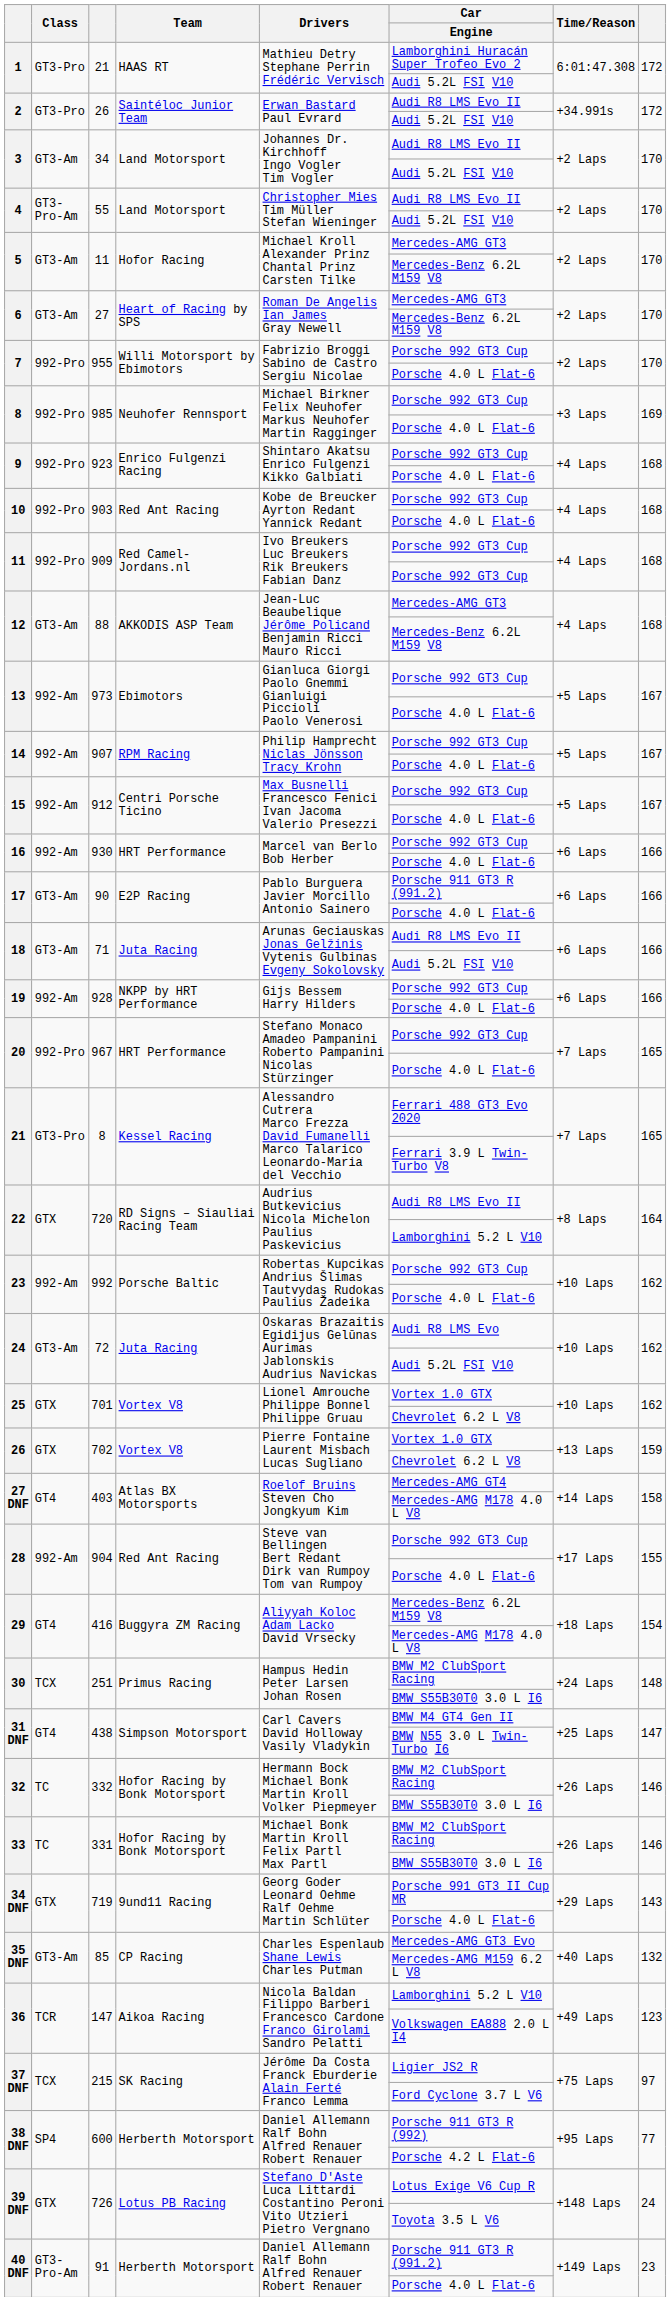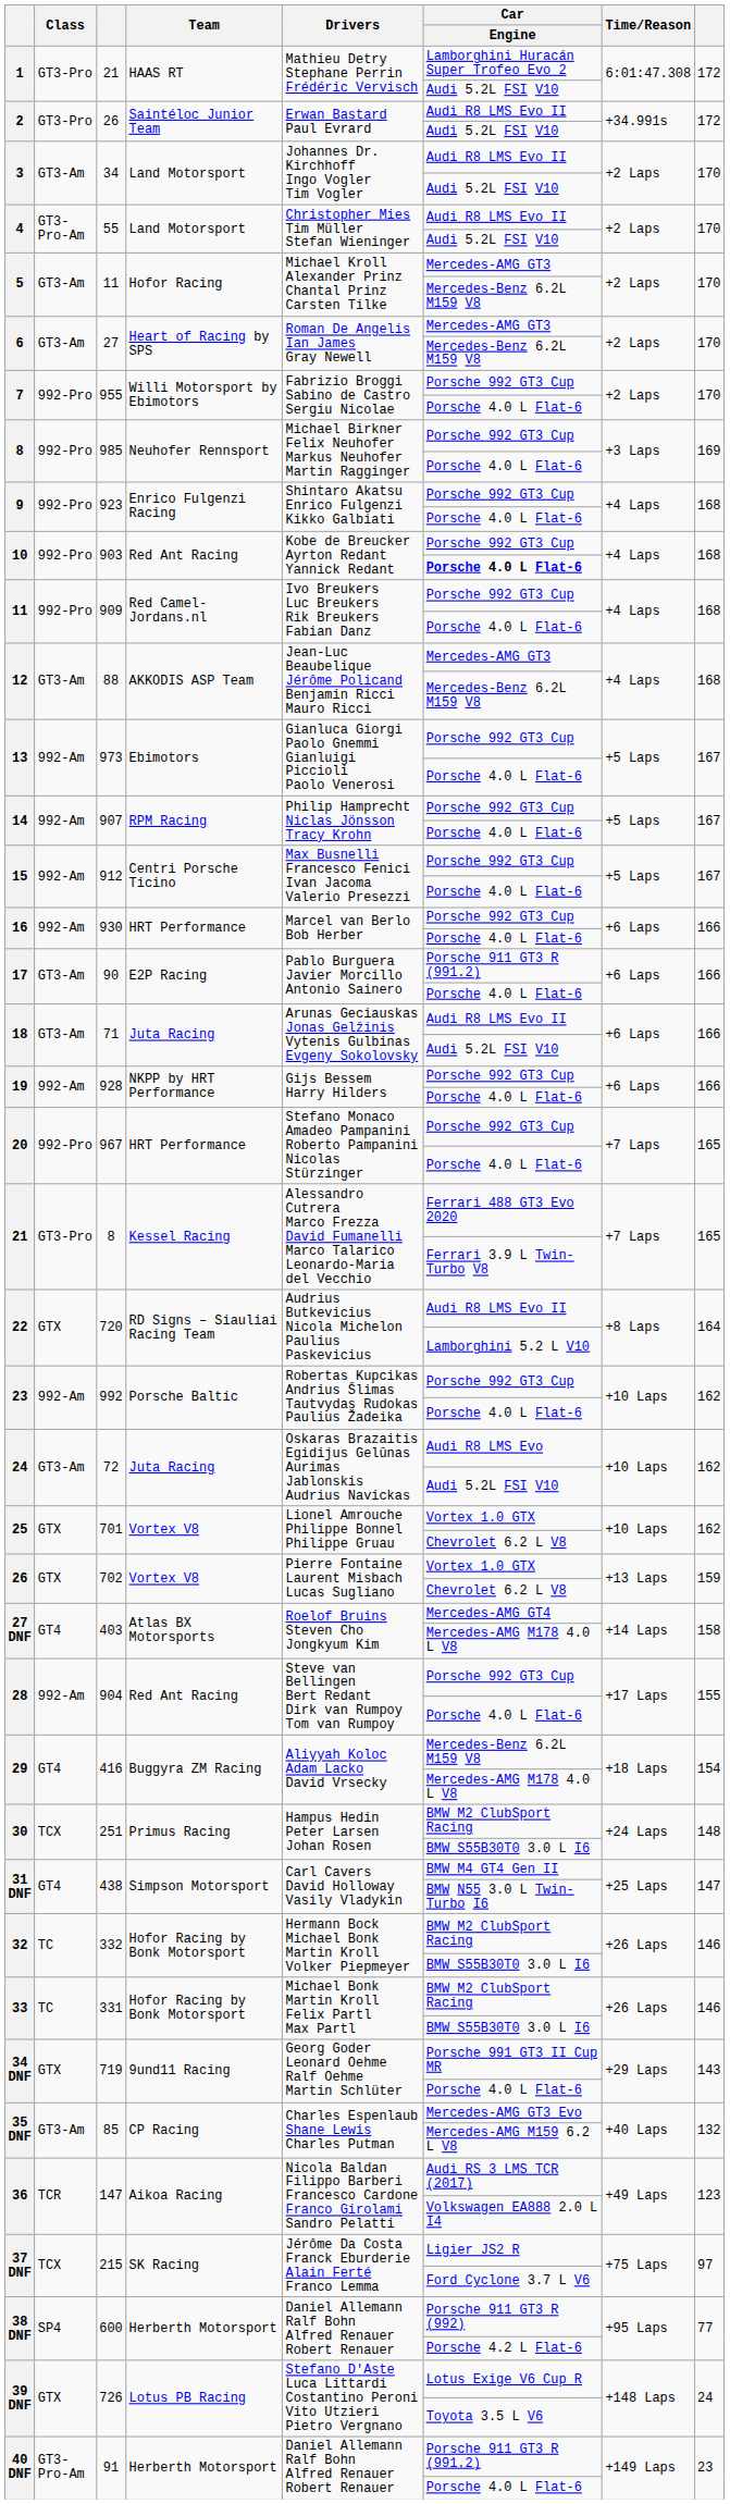 <table class="wikitable" style="font-size: 85%;">
 <tr>
 <th rowspan=2></th>
 <th rowspan=2>Class</th>
 <th rowspan=2></th>
 <th rowspan=2>Team</th>
 <th rowspan=2>Drivers</th>
 <th>Car</th>
 <th rowspan=2>Time/Reason</th>
 <th rowspan=2></th>
 </tr>
 <tr>
 <th>Engine</th>
 </tr>
 <tr>
 <th rowspan="2">1</th>
 <td rowspan="2">GT3-Pro</td>
 <td rowspan="2" align="center">21</td>
 <td rowspan="2"> HAAS RT</td>
 <td rowspan="2"> Mathieu Detry<br> Stephane Perrin<br> <a href='#'>Frédéric Vervisch</a></td>
 <td><a href='#'>Lamborghini Huracán Super Trofeo Evo 2</a></td>
 <td rowspan="2">6:01:47.308</td>
 <td rowspan="2">172</td>
 </tr>
 <tr>
 <td><a href='#'>Audi</a> 5.2L <a href='#'>FSI</a> <a href='#'>V10</a></td>
 </tr>
 <tr>
 <th rowspan="2">2</th>
 <td rowspan="2">GT3-Pro</td>
 <td rowspan="2" align="center">26</td>
 <td rowspan="2"> <a href='#'>Saintéloc Junior Team</a></td>
 <td rowspan="2"> <a href='#'>Erwan Bastard</a><br> Paul Evrard</td>
 <td><a href='#'>Audi R8 LMS Evo II</a></td>
 <td rowspan="2">+34.991s</td>
 <td rowspan="2">172</td>
 </tr>
 <tr>
 <td><a href='#'>Audi</a> 5.2L <a href='#'>FSI</a> <a href='#'>V10</a></td>
 </tr>
 <tr>
 <th rowspan="2">3</th>
 <td rowspan="2">GT3-Am</td>
 <td rowspan="2" align="center">34</td>
 <td rowspan="2"> Land Motorsport</td>
 <td rowspan="2"> Johannes Dr. Kirchhoff<br> Ingo Vogler<br> Tim Vogler</td>
 <td><a href='#'>Audi R8 LMS Evo II</a></td>
 <td rowspan="2">+2 Laps</td>
 <td rowspan="2">170</td>
 </tr>
 <tr>
 <td><a href='#'>Audi</a> 5.2L <a href='#'>FSI</a> <a href='#'>V10</a></td>
 </tr>
 <tr>
 <th rowspan="2">4</th>
 <td rowspan="2">GT3-Pro-Am</td>
 <td rowspan="2" align="center">55</td>
 <td rowspan="2"> Land Motorsport</td>
 <td rowspan="2"> <a href='#'>Christopher Mies</a><br> Tim Müller<br> Stefan Wieninger</td>
 <td><a href='#'>Audi R8 LMS Evo II</a></td>
 <td rowspan="2">+2 Laps</td>
 <td rowspan="2">170</td>
 </tr>
 <tr>
 <td><a href='#'>Audi</a> 5.2L <a href='#'>FSI</a> <a href='#'>V10</a></td>
 </tr>
 <tr>
 <th rowspan="2">5</th>
 <td rowspan="2">GT3-Am</td>
 <td rowspan="2" align="center">11</td>
 <td rowspan="2"> Hofor Racing</td>
 <td rowspan="2"> Michael Kroll<br> Alexander Prinz<br> Chantal Prinz<br> Carsten Tilke</td>
 <td><a href='#'>Mercedes-AMG GT3</a></td>
 <td rowspan="2">+2 Laps</td>
 <td rowspan="2">170</td>
 </tr>
 <tr>
 <td><a href='#'>Mercedes-Benz</a> 6.2L <a href='#'>M159</a> <a href='#'>V8</a></td>
 </tr>
 <tr>
 <th rowspan="2">6</th>
 <td rowspan="2">GT3-Am</td>
 <td rowspan="2" align="center">27</td>
 <td rowspan="2"> <a href='#'>Heart of Racing</a> by SPS</td>
 <td rowspan="2"> <a href='#'>Roman De Angelis</a><br> <a href='#'>Ian James</a><br> Gray Newell</td>
 <td><a href='#'>Mercedes-AMG GT3</a></td>
 <td rowspan="2">+2 Laps</td>
 <td rowspan="2">170</td>
 </tr>
 <tr>
 <td><a href='#'>Mercedes-Benz</a> 6.2L <a href='#'>M159</a> <a href='#'>V8</a></td>
 </tr>
 <tr>
 <th rowspan="2">7</th>
 <td rowspan="2">992-Pro</td>
 <td rowspan="2" align="center">955</td>
 <td rowspan="2"> Willi Motorsport by Ebimotors</td>
 <td rowspan="2"> Fabrizio Broggi<br> Sabino de Castro<br> Sergiu Nicolae</td>
 <td><a href='#'>Porsche 992 GT3 Cup</a></td>
 <td rowspan="2">+2 Laps</td>
 <td rowspan="2">170</td>
 </tr>
 <tr>
 <td><a href='#'>Porsche</a> 4.0 L <a href='#'>Flat-6</a></td>
 </tr>
 <tr>
 <th rowspan="2">8</th>
 <td rowspan="2">992-Pro</td>
 <td rowspan="2" align="center">985</td>
 <td rowspan="2"> Neuhofer Rennsport</td>
 <td rowspan="2"> Michael Birkner<br> Felix Neuhofer<br> Markus Neuhofer<br> Martin Ragginger</td>
 <td><a href='#'>Porsche 992 GT3 Cup</a></td>
 <td rowspan="2">+3 Laps</td>
 <td rowspan="2">169</td>
 </tr>
 <tr>
 <td><a href='#'>Porsche</a> 4.0 L <a href='#'>Flat-6</a></td>
 </tr>
 <tr>
 <th rowspan="2">9</th>
 <td rowspan="2">992-Pro</td>
 <td rowspan="2" align="center">923</td>
 <td rowspan="2"> Enrico Fulgenzi Racing</td>
 <td rowspan="2"> Shintaro Akatsu<br> Enrico Fulgenzi<br> Kikko Galbiati</td>
 <td><a href='#'>Porsche 992 GT3 Cup</a></td>
 <td rowspan="2">+4 Laps</td>
 <td rowspan="2">168</td>
 </tr>
 <tr>
 <td><a href='#'>Porsche</a> 4.0 L <a href='#'>Flat-6</a></td>
 </tr>
 <tr>
 <th rowspan="2">10</th>
 <td rowspan="2">992-Pro</td>
 <td rowspan="2" align="center">903</td>
 <td rowspan="2"> Red Ant Racing</td>
 <td rowspan="2"> Kobe de Breucker<br> Ayrton Redant<br> Yannick Redant</td>
 <td><a href='#'>Porsche 992 GT3 Cup</a></td>
 <td rowspan="2">+4 Laps</td>
 <td rowspan="2">168</td>
 </tr>
 <tr>
-<td><a href='#'>Porsche</a> 4.0 L <a href='#'>Flat-6</a></td>
+<td><strong><a href='#'>Porsche</a> 4.0 L <a href='#'>Flat-6</a></strong></td>
 </tr>
 <tr>
 <th rowspan="2">11</th>
 <td rowspan="2">992-Pro</td>
 <td rowspan="2" align="center">909</td>
 <td rowspan="2"> Red Camel-Jordans.nl</td>
 <td rowspan="2"> Ivo Breukers<br> Luc Breukers<br> Rik Breukers<br> Fabian Danz</td>
 <td><a href='#'>Porsche 992 GT3 Cup</a></td>
 <td rowspan="2">+4 Laps</td>
 <td rowspan="2">168</td>
 </tr>
 <tr>
-<td><a href='#'>Porsche 992 GT3 Cup</a></td>
+<td><a href='#'>Porsche</a> 4.0 L <a href='#'>Flat-6</a></td>
 </tr>
 <tr>
 <th rowspan="2">12</th>
 <td rowspan="2">GT3-Am</td>
 <td rowspan="2" align="center">88</td>
 <td rowspan="2"> AKKODIS ASP Team</td>
 <td rowspan="2"> Jean-Luc Beaubelique<br> <a href='#'>Jérôme Policand</a><br> Benjamin Ricci<br> Mauro Ricci</td>
 <td><a href='#'>Mercedes-AMG GT3</a></td>
 <td rowspan="2">+4 Laps</td>
 <td rowspan="2">168</td>
 </tr>
 <tr>
 <td><a href='#'>Mercedes-Benz</a> 6.2L <a href='#'>M159</a> <a href='#'>V8</a></td>
 </tr>
 <tr>
 <th rowspan="2">13</th>
 <td rowspan="2">992-Am</td>
 <td rowspan="2" align="center">973</td>
 <td rowspan="2"> Ebimotors</td>
 <td rowspan="2"> Gianluca Giorgi<br> Paolo Gnemmi<br> Gianluigi Piccioli<br> Paolo Venerosi</td>
 <td><a href='#'>Porsche 992 GT3 Cup</a></td>
 <td rowspan="2">+5 Laps</td>
 <td rowspan="2">167</td>
 </tr>
 <tr>
 <td><a href='#'>Porsche</a> 4.0 L <a href='#'>Flat-6</a></td>
 </tr>
 <tr>
 <th rowspan="2">14</th>
 <td rowspan="2">992-Am</td>
 <td rowspan="2" align="center">907</td>
 <td rowspan="2"> <a href='#'>RPM Racing</a></td>
 <td rowspan="2"> Philip Hamprecht<br> <a href='#'>Niclas Jönsson</a><br> <a href='#'>Tracy Krohn</a></td>
 <td><a href='#'>Porsche 992 GT3 Cup</a></td>
 <td rowspan="2">+5 Laps</td>
 <td rowspan="2">167</td>
 </tr>
 <tr>
 <td><a href='#'>Porsche</a> 4.0 L <a href='#'>Flat-6</a></td>
 </tr>
 <tr>
 <th rowspan="2">15</th>
 <td rowspan="2">992-Am</td>
 <td rowspan="2" align="center">912</td>
 <td rowspan="2"> Centri Porsche Ticino</td>
 <td rowspan="2"> <a href='#'>Max Busnelli</a><br> Francesco Fenici<br> Ivan Jacoma<br> Valerio Presezzi</td>
 <td><a href='#'>Porsche 992 GT3 Cup</a></td>
 <td rowspan="2">+5 Laps</td>
 <td rowspan="2">167</td>
 </tr>
 <tr>
 <td><a href='#'>Porsche</a> 4.0 L <a href='#'>Flat-6</a></td>
 </tr>
 <tr>
 <th rowspan="2">16</th>
 <td rowspan="2">992-Am</td>
 <td rowspan="2" align="center">930</td>
 <td rowspan="2"> HRT Performance</td>
 <td rowspan="2"> Marcel van Berlo<br> Bob Herber</td>
 <td><a href='#'>Porsche 992 GT3 Cup</a></td>
 <td rowspan="2">+6 Laps</td>
 <td rowspan="2">166</td>
 </tr>
 <tr>
 <td><a href='#'>Porsche</a> 4.0 L <a href='#'>Flat-6</a></td>
 </tr>
 <tr>
 <th rowspan="2">17</th>
 <td rowspan="2">GT3-Am</td>
 <td rowspan="2" align="center">90</td>
 <td rowspan="2"> E2P Racing</td>
 <td rowspan="2"> Pablo Burguera<br> Javier Morcillo<br> Antonio Sainero</td>
 <td><a href='#'>Porsche 911 GT3 R (991.2)</a></td>
 <td rowspan="2">+6 Laps</td>
 <td rowspan="2">166</td>
 </tr>
 <tr>
 <td><a href='#'>Porsche</a> 4.0 L <a href='#'>Flat-6</a></td>
 </tr>
 <tr>
 <th rowspan="2">18</th>
 <td rowspan="2">GT3-Am</td>
 <td rowspan="2" align="center">71</td>
 <td rowspan="2"> <a href='#'>Juta Racing</a></td>
 <td rowspan="2"> Arunas Geciauskas<br> <a href='#'>Jonas Gelžinis</a><br> Vytenis Gulbinas<br> <a href='#'>Evgeny Sokolovsky</a></td>
 <td><a href='#'>Audi R8 LMS Evo II</a></td>
 <td rowspan="2">+6 Laps</td>
 <td rowspan="2">166</td>
 </tr>
 <tr>
 <td><a href='#'>Audi</a> 5.2L <a href='#'>FSI</a> <a href='#'>V10</a></td>
 </tr>
 <tr>
 <th rowspan="2">19</th>
 <td rowspan="2">992-Am</td>
 <td rowspan="2" align="center">928</td>
 <td rowspan="2"> NKPP by HRT Performance</td>
 <td rowspan="2"> Gijs Bessem<br> Harry Hilders</td>
 <td><a href='#'>Porsche 992 GT3 Cup</a></td>
 <td rowspan="2">+6 Laps</td>
 <td rowspan="2">166</td>
 </tr>
 <tr>
 <td><a href='#'>Porsche</a> 4.0 L <a href='#'>Flat-6</a></td>
 </tr>
 <tr>
 <th rowspan="2">20</th>
 <td rowspan="2">992-Pro</td>
 <td rowspan="2" align="center">967</td>
 <td rowspan="2"> HRT Performance</td>
 <td rowspan="2"> Stefano Monaco<br> Amadeo Pampanini<br> Roberto Pampanini<br> Nicolas Stürzinger</td>
 <td><a href='#'>Porsche 992 GT3 Cup</a></td>
 <td rowspan="2">+7 Laps</td>
 <td rowspan="2">165</td>
 </tr>
 <tr>
 <td><a href='#'>Porsche</a> 4.0 L <a href='#'>Flat-6</a></td>
 </tr>
 <tr>
 <th rowspan="2">21</th>
 <td rowspan="2">GT3-Pro</td>
 <td rowspan="2" align="center">8</td>
 <td rowspan="2"> <a href='#'>Kessel Racing</a></td>
 <td rowspan="2"> Alessandro Cutrera<br> Marco Frezza<br> <a href='#'>David Fumanelli</a><br> Marco Talarico<br> Leonardo-Maria del Vecchio</td>
 <td><a href='#'>Ferrari 488 GT3 Evo 2020</a></td>
 <td rowspan="2">+7 Laps</td>
 <td rowspan="2">165</td>
 </tr>
 <tr>
 <td><a href='#'>Ferrari</a> 3.9 L <a href='#'>Twin-Turbo</a> <a href='#'>V8</a></td>
 </tr>
 <tr>
 <th rowspan="2">22</th>
 <td rowspan="2">GTX</td>
 <td rowspan="2" align="center">720</td>
 <td rowspan="2"> RD Signs – Siauliai Racing Team</td>
 <td rowspan="2"> Audrius Butkevicius<br> Nicola Michelon<br> Paulius Paskevicius</td>
 <td><a href='#'>Audi R8 LMS Evo II</a></td>
 <td rowspan="2">+8 Laps</td>
 <td rowspan="2">164</td>
 </tr>
 <tr>
 <td><a href='#'>Lamborghini</a> 5.2 L <a href='#'>V10</a></td>
 </tr>
 <tr>
 <th rowspan="2">23</th>
 <td rowspan="2">992-Am</td>
 <td rowspan="2" align="center">992</td>
 <td rowspan="2"> Porsche Baltic</td>
 <td rowspan="2"> Robertas Kupcikas<br> Andrius Šlimas<br> Tautvydas Rudokas<br> Paulius Žadeika</td>
 <td><a href='#'>Porsche 992 GT3 Cup</a></td>
 <td rowspan="2">+10 Laps</td>
 <td rowspan="2">162</td>
 </tr>
 <tr>
 <td><a href='#'>Porsche</a> 4.0 L <a href='#'>Flat-6</a></td>
 </tr>
 <tr>
 <th rowspan="2">24</th>
 <td rowspan="2">GT3-Am</td>
 <td rowspan="2" align="center">72</td>
 <td rowspan="2"> <a href='#'>Juta Racing</a></td>
 <td rowspan="2"> Oskaras Brazaitis<br> Egidijus Gelūnas<br> Aurimas Jablonskis<br> Audrius Navickas</td>
 <td><a href='#'>Audi R8 LMS Evo</a></td>
 <td rowspan="2">+10 Laps</td>
 <td rowspan="2">162</td>
 </tr>
 <tr>
 <td><a href='#'>Audi</a> 5.2L <a href='#'>FSI</a> <a href='#'>V10</a></td>
 </tr>
 <tr>
 <th rowspan="2">25</th>
 <td rowspan="2">GTX</td>
 <td rowspan="2" align="center">701</td>
 <td rowspan="2"> <a href='#'>Vortex V8</a></td>
 <td rowspan="2"> Lionel Amrouche<br> Philippe Bonnel<br> Philippe Gruau</td>
 <td><a href='#'>Vortex 1.0 GTX</a></td>
 <td rowspan="2">+10 Laps</td>
 <td rowspan="2">162</td>
 </tr>
 <tr>
 <td><a href='#'>Chevrolet</a> 6.2 L <a href='#'>V8</a></td>
 </tr>
 <tr>
 <th rowspan="2">26</th>
 <td rowspan="2">GTX</td>
 <td rowspan="2" align="center">702</td>
 <td rowspan="2"> <a href='#'>Vortex V8</a></td>
 <td rowspan="2"> Pierre Fontaine<br> Laurent Misbach<br> Lucas Sugliano</td>
 <td><a href='#'>Vortex 1.0 GTX</a></td>
 <td rowspan="2">+13 Laps</td>
 <td rowspan="2">159</td>
 </tr>
 <tr>
 <td><a href='#'>Chevrolet</a> 6.2 L <a href='#'>V8</a></td>
 </tr>
 <tr>
 <th rowspan="2">27<br>DNF</th>
 <td rowspan="2">GT4</td>
 <td rowspan="2" align="center">403</td>
 <td rowspan="2"> Atlas BX Motorsports</td>
 <td rowspan="2"> <a href='#'>Roelof Bruins</a><br> Steven Cho<br> Jongkyum Kim</td>
 <td><a href='#'>Mercedes-AMG GT4</a></td>
 <td rowspan="2">+14 Laps</td>
 <td rowspan="2">158</td>
 </tr>
 <tr>
 <td><a href='#'>Mercedes-AMG</a> <a href='#'>M178</a> 4.0 L <a href='#'>V8</a></td>
 </tr>
 <tr>
 <th rowspan="2">28</th>
 <td rowspan="2">992-Am</td>
 <td rowspan="2" align="center">904</td>
 <td rowspan="2"> Red Ant Racing</td>
 <td rowspan="2"> Steve van Bellingen<br> Bert Redant<br> Dirk van Rumpoy<br> Tom van Rumpoy</td>
 <td><a href='#'>Porsche 992 GT3 Cup</a></td>
 <td rowspan="2">+17 Laps</td>
 <td rowspan="2">155</td>
 </tr>
 <tr>
 <td><a href='#'>Porsche</a> 4.0 L <a href='#'>Flat-6</a></td>
 </tr>
 <tr>
 <th rowspan="2">29</th>
 <td rowspan="2">GT4</td>
 <td rowspan="2" align="center">416</td>
 <td rowspan="2"> Buggyra ZM Racing</td>
 <td rowspan="2"> <a href='#'>Aliyyah Koloc</a><br> <a href='#'>Adam Lacko</a><br> David Vrsecky</td>
 <td><a href='#'>Mercedes-Benz</a> 6.2L <a href='#'>M159</a> <a href='#'>V8</a></td>
 <td rowspan="2">+18 Laps</td>
 <td rowspan="2">154</td>
 </tr>
 <tr>
 <td><a href='#'>Mercedes-AMG</a> <a href='#'>M178</a> 4.0 L <a href='#'>V8</a></td>
 </tr>
 <tr>
 <th rowspan="2">30</th>
 <td rowspan="2">TCX</td>
 <td rowspan="2" align="center">251</td>
 <td rowspan="2"> Primus Racing</td>
 <td rowspan="2"> Hampus Hedin<br> Peter Larsen<br> Johan Rosen</td>
 <td><a href='#'>BMW M2 ClubSport Racing</a></td>
 <td rowspan="2">+24 Laps</td>
 <td rowspan="2">148</td>
 </tr>
 <tr>
 <td><a href='#'>BMW S55B30T0</a> 3.0 L <a href='#'>I6</a></td>
 </tr>
 <tr>
 <th rowspan="2">31<br>DNF</th>
 <td rowspan="2">GT4</td>
 <td rowspan="2" align="center">438</td>
 <td rowspan="2"> Simpson Motorsport</td>
 <td rowspan="2"> Carl Cavers<br> David Holloway<br> Vasily Vladykin</td>
 <td><a href='#'>BMW M4 GT4 Gen II</a></td>
 <td rowspan="2">+25 Laps</td>
 <td rowspan="2">147</td>
 </tr>
 <tr>
 <td><a href='#'>BMW</a> <a href='#'>N55</a> 3.0 L <a href='#'>Twin-Turbo</a> <a href='#'>I6</a></td>
 </tr>
 <tr>
 <th rowspan="2">32</th>
 <td rowspan="2">TC</td>
 <td rowspan="2" align="center">332</td>
 <td rowspan="2"> Hofor Racing by Bonk Motorsport</td>
 <td rowspan="2"> Hermann Bock<br> Michael Bonk<br> Martin Kroll<br> Volker Piepmeyer</td>
 <td><a href='#'>BMW M2 ClubSport Racing</a></td>
 <td rowspan="2">+26 Laps</td>
 <td rowspan="2">146</td>
 </tr>
 <tr>
 <td><a href='#'>BMW S55B30T0</a> 3.0 L <a href='#'>I6</a></td>
 </tr>
 <tr>
 <th rowspan="2">33</th>
 <td rowspan="2">TC</td>
 <td rowspan="2" align="center">331</td>
 <td rowspan="2"> Hofor Racing by Bonk Motorsport</td>
 <td rowspan="2"> Michael Bonk<br> Martin Kroll<br> Felix Partl<br> Max Partl</td>
 <td><a href='#'>BMW M2 ClubSport Racing</a></td>
 <td rowspan="2">+26 Laps</td>
 <td rowspan="2">146</td>
 </tr>
 <tr>
 <td><a href='#'>BMW S55B30T0</a> 3.0 L <a href='#'>I6</a></td>
 </tr>
 <tr>
 <th rowspan="2">34<br>DNF</th>
 <td rowspan="2">GTX</td>
 <td rowspan="2" align="center">719</td>
 <td rowspan="2"> 9und11 Racing</td>
 <td rowspan="2"> Georg Goder<br> Leonard Oehme<br> Ralf Oehme<br> Martin Schlüter</td>
 <td><a href='#'>Porsche 991 GT3 II Cup MR</a></td>
 <td rowspan="2">+29 Laps</td>
 <td rowspan="2">143</td>
 </tr>
 <tr>
 <td><a href='#'>Porsche</a> 4.0 L <a href='#'>Flat-6</a></td>
 </tr>
 <tr>
 <th rowspan="2">35<br>DNF</th>
 <td rowspan="2">GT3-Am</td>
 <td rowspan="2" align="center">85</td>
 <td rowspan="2"> CP Racing</td>
 <td rowspan="2"> Charles Espenlaub<br> <a href='#'>Shane Lewis</a><br> Charles Putman</td>
 <td><a href='#'>Mercedes-AMG GT3 Evo</a></td>
 <td rowspan="2">+40 Laps</td>
 <td rowspan="2">132</td>
 </tr>
 <tr>
 <td><a href='#'>Mercedes-AMG M159</a> 6.2 L <a href='#'>V8</a></td>
 </tr>
 <tr>
 <th rowspan="2">36</th>
 <td rowspan="2">TCR</td>
 <td rowspan="2" align="center">147</td>
 <td rowspan="2"> Aikoa Racing</td>
 <td rowspan="2"> Nicola Baldan<br> Filippo Barberi<br> Francesco Cardone<br> <a href='#'>Franco Girolami</a><br> Sandro Pelatti</td>
-<td><a href='#'>Lamborghini</a> 5.2 L <a href='#'>V10</a></td>
+<td><a href='#'>Audi RS 3 LMS TCR (2017)</a></td>
 <td rowspan="2">+49 Laps</td>
 <td rowspan="2">123</td>
 </tr>
 <tr>
 <td><a href='#'>Volkswagen EA888</a> 2.0 L <a href='#'>I4</a></td>
 </tr>
 <tr>
 <th rowspan="2">37<br>DNF</th>
 <td rowspan="2">TCX</td>
 <td rowspan="2" align="center">215</td>
 <td rowspan="2"> SK Racing</td>
 <td rowspan="2"> Jérôme Da Costa<br> Franck Eburderie<br> <a href='#'>Alain Ferté</a><br> Franco Lemma</td>
 <td><a href='#'>Ligier JS2 R</a></td>
 <td rowspan="2">+75 Laps</td>
 <td rowspan="2">97</td>
 </tr>
 <tr>
 <td><a href='#'>Ford Cyclone</a> 3.7 L <a href='#'>V6</a></td>
 </tr>
 <tr>
 <th rowspan="2">38<br>DNF</th>
 <td rowspan="2">SP4</td>
 <td rowspan="2" align="center">600</td>
 <td rowspan="2"> Herberth Motorsport</td>
 <td rowspan="2"> Daniel Allemann<br> Ralf Bohn<br> Alfred Renauer<br> Robert Renauer</td>
 <td><a href='#'>Porsche 911 GT3 R (992)</a></td>
 <td rowspan="2">+95 Laps</td>
 <td rowspan="2">77</td>
 </tr>
 <tr>
 <td><a href='#'>Porsche</a> 4.2 L <a href='#'>Flat-6</a></td>
 </tr>
 <tr>
 <th rowspan="2">39<br>DNF</th>
 <td rowspan="2">GTX</td>
 <td rowspan="2" align="center">726</td>
 <td rowspan="2"> <a href='#'>Lotus PB Racing</a></td>
 <td rowspan="2"> <a href='#'>Stefano D'Aste</a><br> Luca Littardi<br> Costantino Peroni<br> Vito Utzieri<br> Pietro Vergnano</td>
 <td><a href='#'>Lotus Exige V6 Cup R</a></td>
 <td rowspan="2">+148 Laps</td>
 <td rowspan="2">24</td>
 </tr>
 <tr>
 <td><a href='#'>Toyota</a> 3.5 L <a href='#'>V6</a></td>
 </tr>
 <tr>
 <th rowspan="2">40<br>DNF</th>
 <td rowspan="2">GT3-Pro-Am</td>
 <td rowspan="2" align="center">91</td>
 <td rowspan="2"> Herberth Motorsport</td>
 <td rowspan="2"> Daniel Allemann<br> Ralf Bohn<br> Alfred Renauer<br> Robert Renauer</td>
 <td><a href='#'>Porsche 911 GT3 R (991.2)</a></td>
 <td rowspan="2">+149 Laps</td>
 <td rowspan="2">23</td>
 </tr>
 <tr>
 <td><a href='#'>Porsche</a> 4.0 L <a href='#'>Flat-6</a></td>
 </tr>
 </table>
